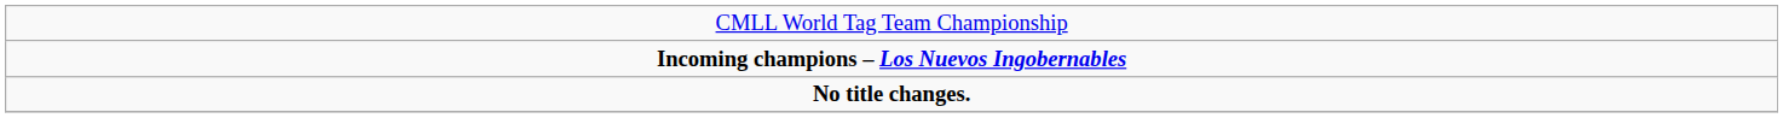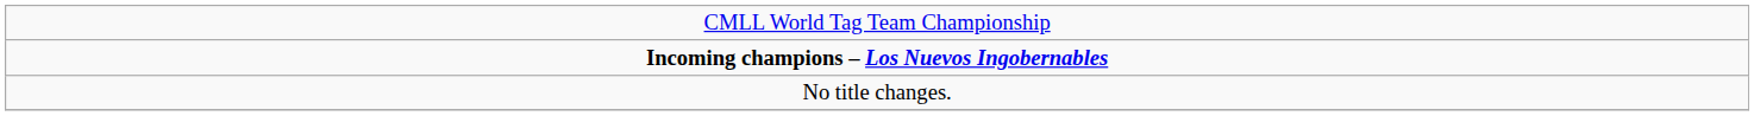 <table class="wikitable" style="text-align:center; width:100%;">
 <tr>
 <td colspan="5" style="text-align: center;"><a href='#'>CMLL World Tag Team Championship</a></td>
 </tr>
 <tr>
 <td colspan="5" style="text-align: center;"><strong>Incoming champions – <em><a href='#'>Los Nuevos Ingobernables</a></em> </strong></td>
 </tr>
 <tr>
-<td><strong>No title changes.</strong></td>
+<td>No title changes.</td>
 </tr>
 <tr>
 </tr>
 </table>
